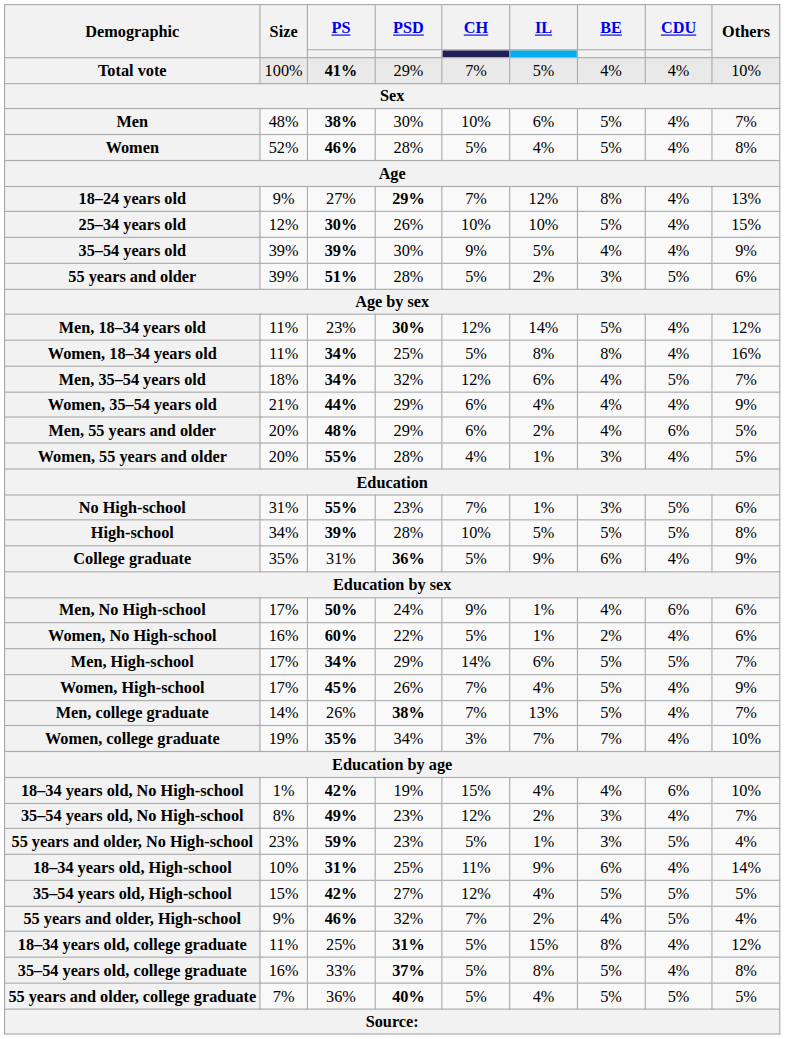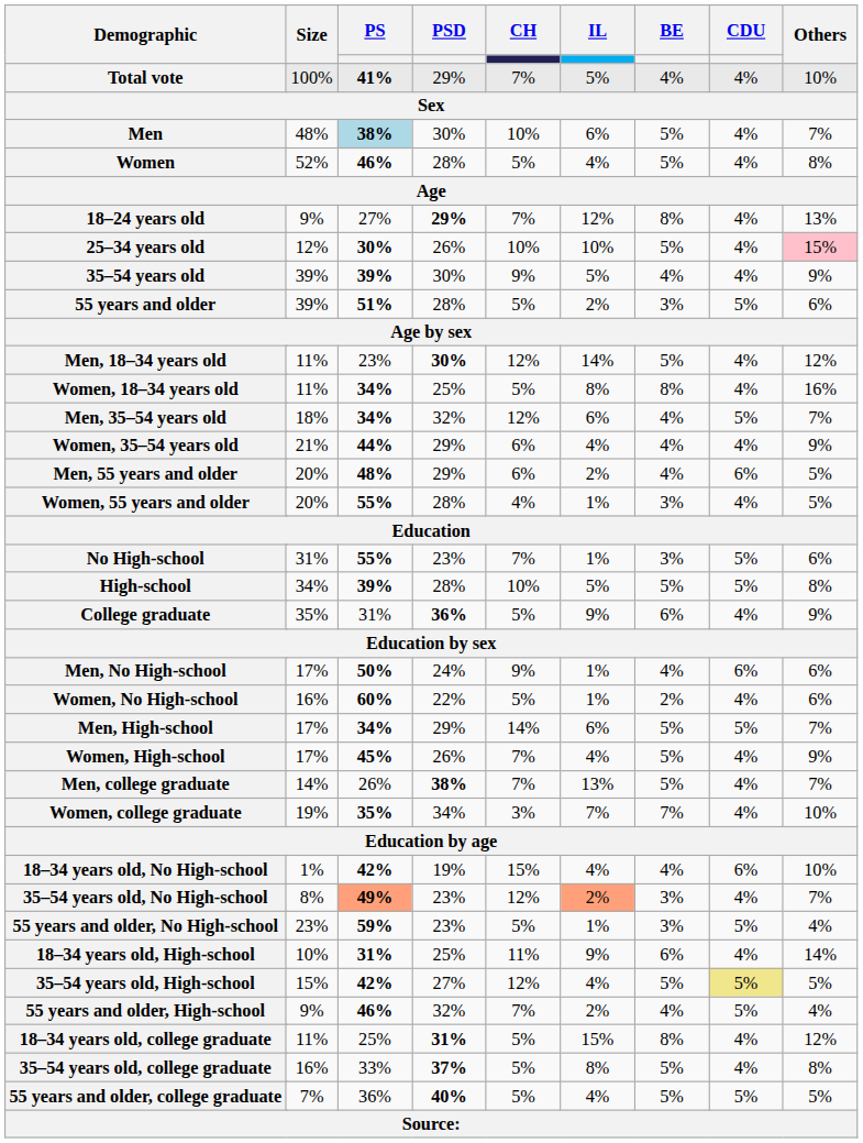 <table class="wikitable" style="text-align:center;font-size:90%;line-height:16px;">
 <tr style="height:40px;">
 <th rowspan="2" colspan="2">Demographic</th>
 <th rowspan="2" style="width:35px;">Size</th>
 <th style="width:53px;"><a href='#'>PS</a></th>
 <th style="width:53px;"><a href='#'>PSD</a></th>
 <th style="width:53px;"><a href='#'>CH</a></th>
 <th style="width:53px;"><a href='#'>IL</a></th>
 <th style="width:53px;"><a href='#'>BE</a></th>
 <th style="width:53px;"><a href='#'>CDU</a></th>
 <th rowspan="2" style="width:53px;">Others</th>
 </tr>
 <tr>
 <th style="background:"></th>
 <th style="background:"></th>
 <th style="background:#202056;"></th>
 <th style="background:#00ADEF;"></th>
 <th style="background:"></th>
 <th style="background:"></th>
 </tr>
 <tr style="background:#E9E9E9;">
 <th colspan="2">Total vote</th>
 <td>100%</td>
 <td><strong>41%</strong></td>
 <td>29%</td>
 <td>7%</td>
 <td>5%</td>
 <td>4%</td>
 <td>4%</td>
 <td>10%</td>
 </tr>
 <tr>
 <th colspan="13">Sex</th>
 </tr>
 <tr>
 <th colspan="2">Men</th>
 <td>48%</td>
-<td><strong>38%</strong></td>
+<td style="background: lightblue;"><strong>38%</strong></td>
 <td>30%</td>
 <td>10%</td>
 <td>6%</td>
 <td>5%</td>
 <td>4%</td>
 <td>7%</td>
 </tr>
 <tr>
 <th colspan="2">Women</th>
 <td>52%</td>
 <td><strong>46%</strong></td>
 <td>28%</td>
 <td>5%</td>
 <td>4%</td>
 <td>5%</td>
 <td>4%</td>
 <td>8%</td>
 </tr>
 <tr>
 <th colspan="13">Age</th>
 </tr>
 <tr>
 <th colspan="2">18–24 years old</th>
 <td>9%</td>
 <td>27%</td>
 <td><strong>29%</strong></td>
 <td>7%</td>
 <td>12%</td>
 <td>8%</td>
 <td>4%</td>
 <td>13%</td>
 </tr>
 <tr>
 <th colspan="2">25–34 years old</th>
 <td>12%</td>
 <td><strong>30%</strong></td>
 <td>26%</td>
 <td>10%</td>
 <td>10%</td>
 <td>5%</td>
 <td>4%</td>
-<td>15%</td>
+<td style="background: pink;">15%</td>
 </tr>
 <tr>
 <th colspan="2">35–54 years old</th>
 <td>39%</td>
 <td><strong>39%</strong></td>
 <td>30%</td>
 <td>9%</td>
 <td>5%</td>
 <td>4%</td>
 <td>4%</td>
 <td>9%</td>
 </tr>
 <tr>
 <th colspan="2">55 years and older</th>
 <td>39%</td>
 <td><strong>51%</strong></td>
 <td>28%</td>
 <td>5%</td>
 <td>2%</td>
 <td>3%</td>
 <td>5%</td>
 <td>6%</td>
 </tr>
 <tr>
 <th colspan="13">Age by sex</th>
 </tr>
 <tr>
 <th colspan="2">Men, 18–34 years old</th>
 <td>11%</td>
 <td>23%</td>
 <td><strong>30%</strong></td>
 <td>12%</td>
 <td>14%</td>
 <td>5%</td>
 <td>4%</td>
 <td>12%</td>
 </tr>
 <tr>
 <th colspan="2">Women, 18–34 years old</th>
 <td>11%</td>
 <td><strong>34%</strong></td>
 <td>25%</td>
 <td>5%</td>
 <td>8%</td>
 <td>8%</td>
 <td>4%</td>
 <td>16%</td>
 </tr>
 <tr>
 <th colspan="2">Men, 35–54 years old</th>
 <td>18%</td>
 <td><strong>34%</strong></td>
 <td>32%</td>
 <td>12%</td>
 <td>6%</td>
 <td>4%</td>
 <td>5%</td>
 <td>7%</td>
 </tr>
 <tr>
 <th colspan="2">Women, 35–54 years old</th>
 <td>21%</td>
 <td><strong>44%</strong></td>
 <td>29%</td>
 <td>6%</td>
 <td>4%</td>
 <td>4%</td>
 <td>4%</td>
 <td>9%</td>
 </tr>
 <tr>
 <th colspan="2">Men, 55 years and older</th>
 <td>20%</td>
 <td><strong>48%</strong></td>
 <td>29%</td>
 <td>6%</td>
 <td>2%</td>
 <td>4%</td>
 <td>6%</td>
 <td>5%</td>
 </tr>
 <tr>
 <th colspan="2">Women, 55 years and older</th>
 <td>20%</td>
 <td><strong>55%</strong></td>
 <td>28%</td>
 <td>4%</td>
 <td>1%</td>
 <td>3%</td>
 <td>4%</td>
 <td>5%</td>
 </tr>
 <tr>
 <th colspan="13">Education</th>
 </tr>
 <tr>
 <th colspan="2">No High-school</th>
 <td>31%</td>
 <td><strong>55%</strong></td>
 <td>23%</td>
 <td>7%</td>
 <td>1%</td>
 <td>3%</td>
 <td>5%</td>
 <td>6%</td>
 </tr>
 <tr>
 <th colspan="2">High-school</th>
 <td>34%</td>
 <td><strong>39%</strong></td>
 <td>28%</td>
 <td>10%</td>
 <td>5%</td>
 <td>5%</td>
 <td>5%</td>
 <td>8%</td>
 </tr>
 <tr>
 <th colspan="2">College graduate</th>
 <td>35%</td>
 <td>31%</td>
 <td><strong>36%</strong></td>
 <td>5%</td>
 <td>9%</td>
 <td>6%</td>
 <td>4%</td>
 <td>9%</td>
 </tr>
 <tr>
 <th colspan="13">Education by sex</th>
 </tr>
 <tr>
 <th colspan="2">Men, No High-school</th>
 <td>17%</td>
 <td><strong>50%</strong></td>
 <td>24%</td>
 <td>9%</td>
 <td>1%</td>
 <td>4%</td>
 <td>6%</td>
 <td>6%</td>
 </tr>
 <tr>
 <th colspan="2">Women, No High-school</th>
 <td>16%</td>
 <td><strong>60%</strong></td>
 <td>22%</td>
 <td>5%</td>
 <td>1%</td>
 <td>2%</td>
 <td>4%</td>
 <td>6%</td>
 </tr>
 <tr>
 <th colspan="2">Men, High-school</th>
 <td>17%</td>
 <td><strong>34%</strong></td>
 <td>29%</td>
 <td>14%</td>
 <td>6%</td>
 <td>5%</td>
 <td>5%</td>
 <td>7%</td>
 </tr>
 <tr>
 <th colspan="2">Women, High-school</th>
 <td>17%</td>
 <td><strong>45%</strong></td>
 <td>26%</td>
 <td>7%</td>
 <td>4%</td>
 <td>5%</td>
 <td>4%</td>
 <td>9%</td>
 </tr>
 <tr>
 <th colspan="2">Men, college graduate</th>
 <td>14%</td>
 <td>26%</td>
 <td><strong>38%</strong></td>
 <td>7%</td>
 <td>13%</td>
 <td>5%</td>
 <td>4%</td>
 <td>7%</td>
 </tr>
 <tr>
 <th colspan="2">Women, college graduate</th>
 <td>19%</td>
 <td><strong>35%</strong></td>
 <td>34%</td>
 <td>3%</td>
 <td>7%</td>
 <td>7%</td>
 <td>4%</td>
 <td>10%</td>
 </tr>
 <tr>
 <th colspan="13">Education by age</th>
 </tr>
 <tr>
 <th colspan="2">18–34 years old, No High-school</th>
 <td>1%</td>
 <td><strong>42%</strong></td>
 <td>19%</td>
 <td>15%</td>
 <td>4%</td>
 <td>4%</td>
 <td>6%</td>
 <td>10%</td>
 </tr>
 <tr>
 <th colspan="2">35–54 years old, No High-school</th>
 <td>8%</td>
-<td><strong>49%</strong></td>
+<td style="background: lightsalmon;"><strong>49%</strong></td>
 <td>23%</td>
 <td>12%</td>
-<td>2%</td>
+<td style="background: lightsalmon;">2%</td>
 <td>3%</td>
 <td>4%</td>
 <td>7%</td>
 </tr>
 <tr>
 <th colspan="2">55 years and older, No High-school</th>
 <td>23%</td>
 <td><strong>59%</strong></td>
 <td>23%</td>
 <td>5%</td>
 <td>1%</td>
 <td>3%</td>
 <td>5%</td>
 <td>4%</td>
 </tr>
 <tr>
 <th colspan="2">18–34 years old, High-school</th>
 <td>10%</td>
 <td><strong>31%</strong></td>
 <td>25%</td>
 <td>11%</td>
 <td>9%</td>
 <td>6%</td>
 <td>4%</td>
 <td>14%</td>
 </tr>
 <tr>
 <th colspan="2">35–54 years old, High-school</th>
 <td>15%</td>
 <td><strong>42%</strong></td>
 <td>27%</td>
 <td>12%</td>
 <td>4%</td>
 <td>5%</td>
-<td>5%</td>
+<td style="background: khaki;">5%</td>
 <td>5%</td>
 </tr>
 <tr>
 <th colspan="2">55 years and older, High-school</th>
 <td>9%</td>
 <td><strong>46%</strong></td>
 <td>32%</td>
 <td>7%</td>
 <td>2%</td>
 <td>4%</td>
 <td>5%</td>
 <td>4%</td>
 </tr>
 <tr>
 <th colspan="2">18–34 years old, college graduate</th>
 <td>11%</td>
 <td>25%</td>
 <td><strong>31%</strong></td>
 <td>5%</td>
 <td>15%</td>
 <td>8%</td>
 <td>4%</td>
 <td>12%</td>
 </tr>
 <tr>
 <th colspan="2">35–54 years old, college graduate</th>
 <td>16%</td>
 <td>33%</td>
 <td><strong>37%</strong></td>
 <td>5%</td>
 <td>8%</td>
 <td>5%</td>
 <td>4%</td>
 <td>8%</td>
 </tr>
 <tr>
 <th colspan="2">55 years and older, college graduate</th>
 <td>7%</td>
 <td>36%</td>
 <td><strong>40%</strong></td>
 <td>5%</td>
 <td>4%</td>
 <td>5%</td>
 <td>5%</td>
 <td>5%</td>
 </tr>
 <tr>
 <th colspan="13">Source: </th>
 </tr>
 </table>
